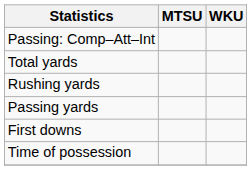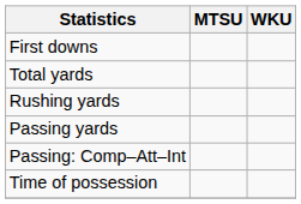 <table class="wikitable" style="float: left;">
 <tr>
 <th>Statistics</th>
 <th>MTSU</th>
 <th>WKU</th>
 </tr>
 <tr>
-<td>Passing: Comp–Att–Int</td>
+<td>First downs</td>
 <td></td>
 <td></td>
 </tr>
 <tr>
 <td>Total yards</td>
 <td></td>
 <td></td>
 </tr>
 <tr>
 <td>Rushing yards</td>
 <td></td>
 <td></td>
 </tr>
 <tr>
 <td>Passing yards</td>
 <td></td>
 <td></td>
 </tr>
 <tr>
-<td>First downs</td>
+<td>Passing: Comp–Att–Int</td>
 <td></td>
 <td></td>
 </tr>
 <tr>
 <td>Time of possession</td>
 <td></td>
 <td></td>
 </tr>
 <tr>
 </tr>
 </table>
